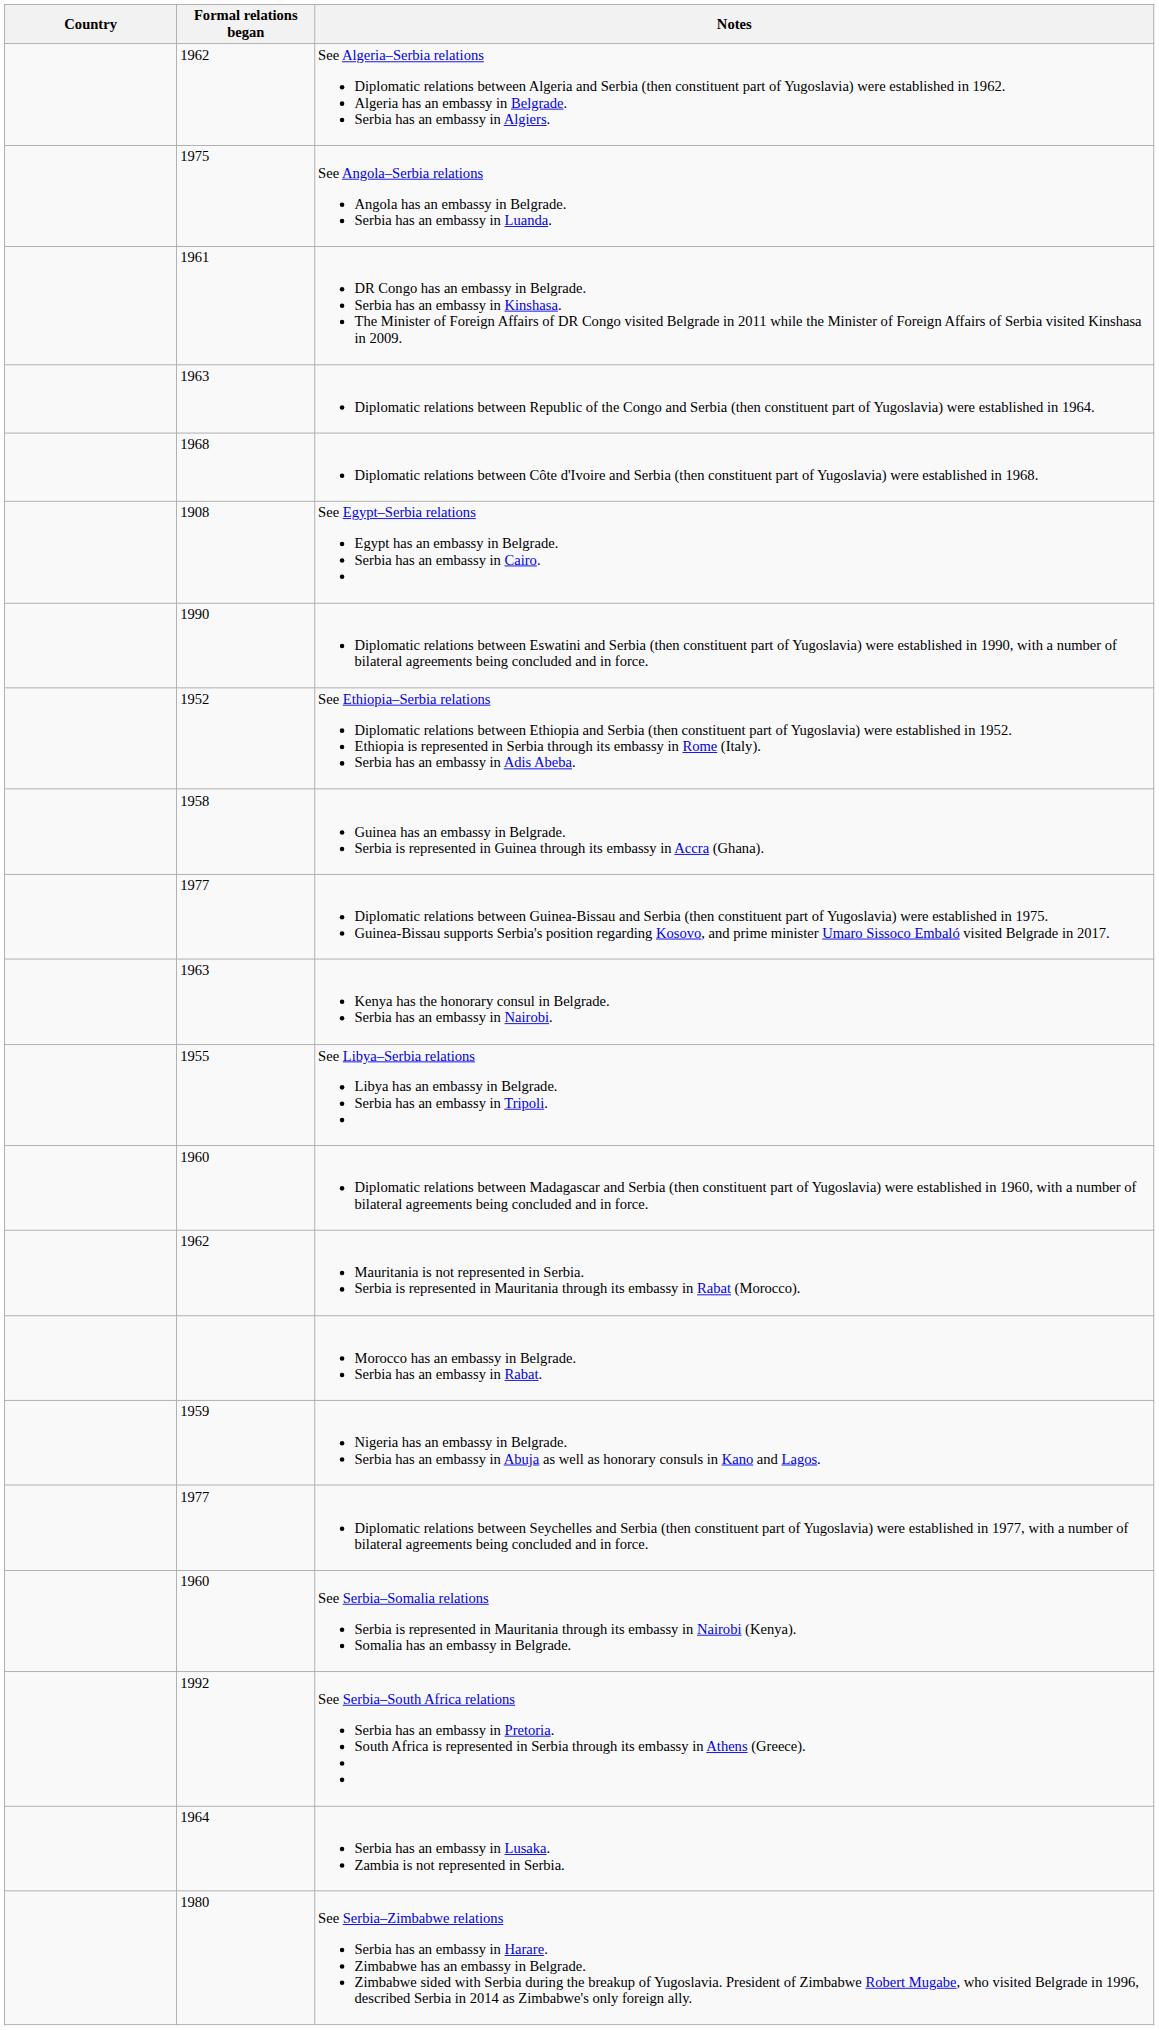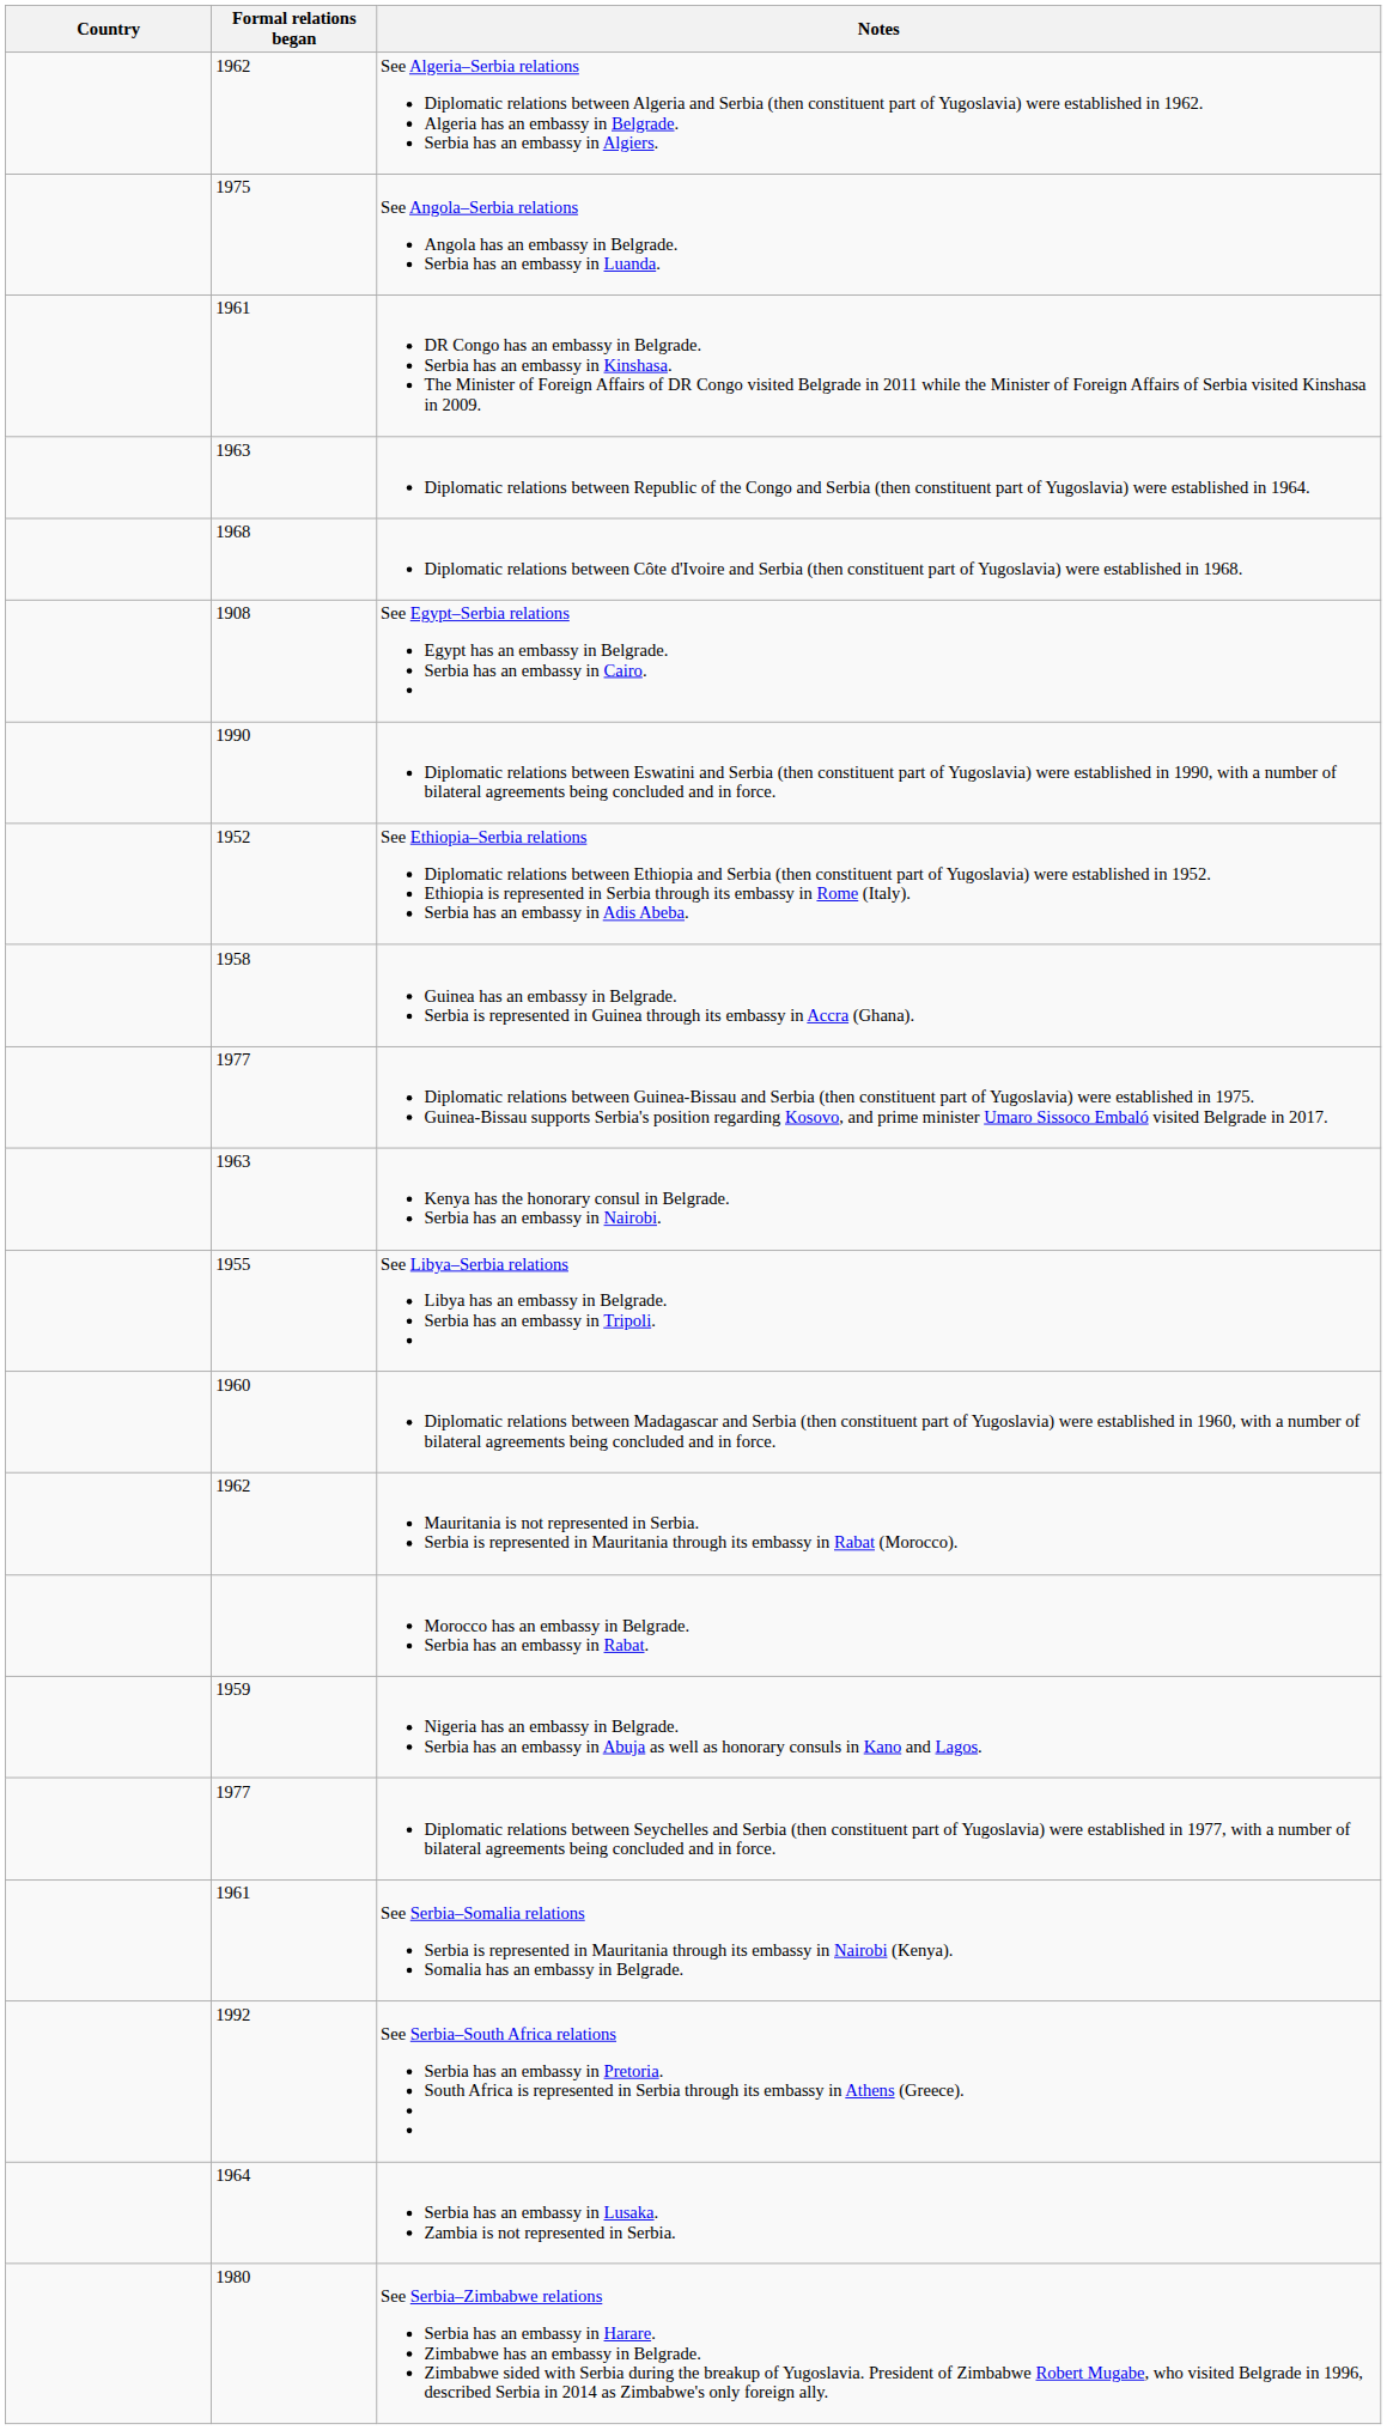 <table class="wikitable sortable" style="width:100%; margin:auto;">
 <tr>
 <th style="width:15%;">Country</th>
 <th style="width:12%;">Formal relations began</th>
 <th>Notes</th>
 </tr>
 <tr valign="top">
 <td></td>
 <td>1962</td>
 <td>See <a href='#'>Algeria–Serbia relations</a><br><ul><li>Diplomatic relations between Algeria and Serbia (then constituent part of Yugoslavia) were established in 1962.</li><li>Algeria has an embassy in <a href='#'>Belgrade</a>.</li><li>Serbia has an embassy in <a href='#'>Algiers</a>.</li></ul></td>
 </tr>
 <tr valign="top">
 <td></td>
 <td> 1975</td>
 <td><br>See <a href='#'>Angola–Serbia relations</a><ul><li>Angola has an embassy in Belgrade.</li><li>Serbia has an embassy in <a href='#'>Luanda</a>.</li></ul></td>
 </tr>
 <tr valign="top">
 <td></td>
 <td> 1961</td>
 <td><br><ul><li>DR Congo has an embassy in Belgrade.</li><li>Serbia has an embassy in <a href='#'>Kinshasa</a>.</li><li>The Minister of Foreign Affairs of DR Congo visited Belgrade in 2011 while the Minister of Foreign Affairs of Serbia visited Kinshasa in 2009.</li></ul></td>
 </tr>
 <tr valign="top">
 <td></td>
 <td>1963</td>
 <td><br><ul><li>Diplomatic relations between Republic of the Congo and Serbia (then constituent part of Yugoslavia) were established in 1964.</li></ul></td>
 </tr>
 <tr valign="top">
 <td></td>
 <td>1968</td>
 <td><br><ul><li>Diplomatic relations between Côte d'Ivoire and Serbia (then constituent part of Yugoslavia) were established in 1968.</li></ul></td>
 </tr>
 <tr valign="top">
 <td></td>
 <td> 1908</td>
 <td>See <a href='#'>Egypt–Serbia relations</a><br><ul><li>Egypt has an embassy in Belgrade.</li><li>Serbia has an embassy in <a href='#'>Cairo</a>.</li><li></li></ul></td>
 </tr>
 <tr valign="top">
 <td></td>
 <td> 1990</td>
 <td><br><ul><li>Diplomatic relations between Eswatini and Serbia (then constituent part of Yugoslavia) were established in 1990, with a number of bilateral agreements being concluded and in force.</li></ul></td>
 </tr>
 <tr valign="top">
 <td></td>
 <td>1952</td>
 <td>See <a href='#'>Ethiopia–Serbia relations</a><br><ul><li>Diplomatic relations between Ethiopia and Serbia (then constituent part of Yugoslavia) were established in 1952.</li><li>Ethiopia is represented in Serbia through its embassy in <a href='#'>Rome</a> (Italy).</li><li>Serbia has an embassy in <a href='#'>Adis Abeba</a>.</li></ul></td>
 </tr>
 <tr valign="top">
 <td></td>
 <td>1958</td>
 <td><br><ul><li>Guinea has an embassy in Belgrade.</li><li>Serbia is represented in Guinea through its embassy in <a href='#'>Accra</a> (Ghana).</li></ul></td>
 </tr>
 <tr valign="top">
 <td></td>
 <td>1977</td>
 <td><br><ul><li>Diplomatic relations between Guinea-Bissau and Serbia (then constituent part of Yugoslavia) were established in 1975.</li><li>Guinea-Bissau supports Serbia's position regarding <a href='#'>Kosovo</a>, and prime minister <a href='#'>Umaro Sissoco Embaló</a> visited Belgrade in  2017.</li></ul></td>
 </tr>
 <tr valign="top">
 <td></td>
 <td> 1963</td>
 <td><br><ul><li>Kenya has the honorary consul in Belgrade.</li><li>Serbia has an embassy in <a href='#'>Nairobi</a>.</li></ul></td>
 </tr>
 <tr valign="top">
 <td></td>
 <td>1955</td>
 <td>See <a href='#'>Libya–Serbia relations</a><br><ul><li>Libya has an embassy in Belgrade.</li><li>Serbia has an embassy in <a href='#'>Tripoli</a>.</li><li></li></ul></td>
 </tr>
 <tr valign="top">
 <td></td>
 <td>1960</td>
 <td><br><ul><li>Diplomatic relations between Madagascar and Serbia (then constituent part of Yugoslavia) were established in 1960, with a number of bilateral agreements being concluded and in force.</li></ul></td>
 </tr>
 <tr valign="top">
 <td></td>
 <td>1962</td>
 <td><br><ul><li>Mauritania is not represented in Serbia.</li><li>Serbia is represented in Mauritania through its embassy in <a href='#'>Rabat</a> (Morocco).</li></ul></td>
 </tr>
 <tr valign="top">
 <td></td>
 <td></td>
 <td><br><ul><li>Morocco has an embassy in Belgrade.</li><li>Serbia has an embassy in <a href='#'>Rabat</a>.</li></ul></td>
 </tr>
 <tr valign="top">
 <td></td>
 <td> 1959</td>
 <td><br><ul><li>Nigeria has an embassy in Belgrade.</li><li>Serbia has an embassy in <a href='#'>Abuja</a> as well as honorary consuls in <a href='#'>Kano</a> and <a href='#'>Lagos</a>.</li></ul></td>
 </tr>
 <tr valign="top">
 <td></td>
 <td>1977</td>
 <td><br><ul><li>Diplomatic relations between Seychelles and Serbia (then constituent part of Yugoslavia) were established in 1977, with a number of bilateral agreements being concluded and in force.</li></ul></td>
 </tr>
 <tr valign="top">
 <td></td>
-<td> 1960</td>
+<td> 1961</td>
 <td><br>See <a href='#'>Serbia–Somalia relations</a><ul><li>Serbia is represented in Mauritania through its embassy in <a href='#'>Nairobi</a> (Kenya).</li><li>Somalia has an embassy in Belgrade.</li></ul></td>
 </tr>
 <tr valign="top">
 <td></td>
 <td>1992</td>
 <td><br>See <a href='#'>Serbia–South Africa relations</a><ul><li>Serbia has an embassy in <a href='#'>Pretoria</a>.</li><li>South Africa is represented in Serbia through its embassy in <a href='#'>Athens</a> (Greece).</li><li> </li><li></li></ul></td>
 </tr>
 <tr valign="top">
 <td></td>
 <td> 1964</td>
 <td><br><ul><li>Serbia has an embassy in <a href='#'>Lusaka</a>.</li><li>Zambia is not represented in Serbia.</li></ul></td>
 </tr>
 <tr valign="top">
 <td></td>
 <td> 1980</td>
 <td><br>See <a href='#'>Serbia–Zimbabwe relations</a><ul><li>Serbia has an embassy in <a href='#'>Harare</a>.</li><li>Zimbabwe has an embassy in Belgrade.</li><li>Zimbabwe sided with Serbia during the breakup of Yugoslavia.  President of Zimbabwe <a href='#'>Robert Mugabe</a>, who visited Belgrade in 1996, described Serbia in 2014 as Zimbabwe's only foreign ally.</li></ul></td>
 </tr>
 </table>
